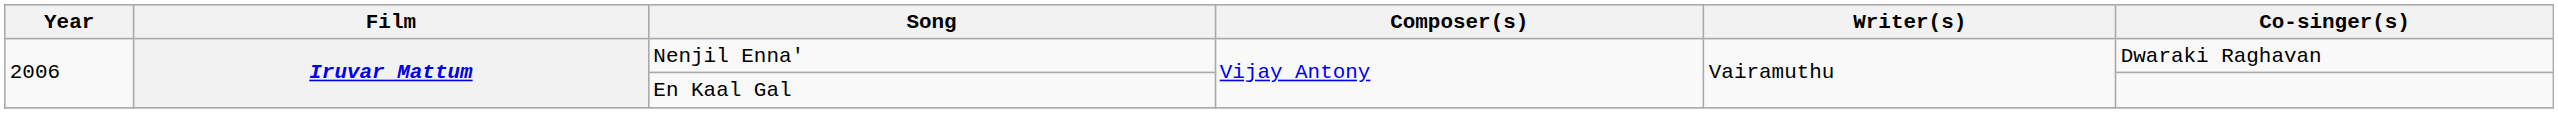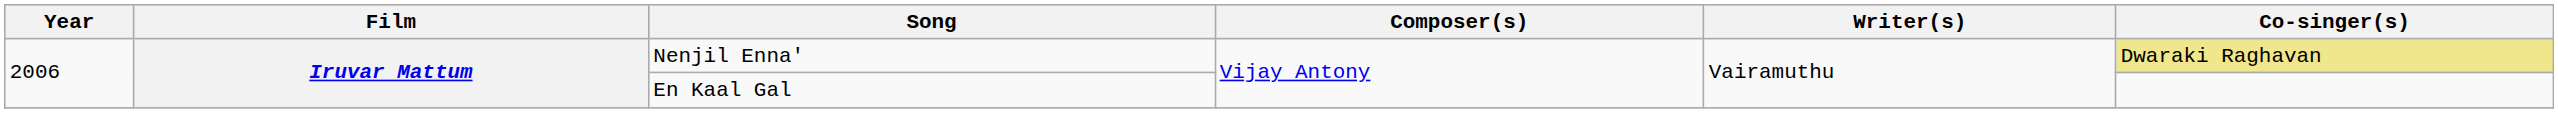 <table class="wikitable plainrowheaders" width="100%" textcolor:#000;">
 <tr>
 <th scope="col" width=5%><strong>Year</strong></th>
 <th scope="col" width=20%><strong>Film</strong></th>
 <th scope="col" width=22%><strong>Song</strong></th>
 <th scope="col" width=19%><strong>Composer(s)</strong></th>
 <th scope="col" width=16%><strong>Writer(s)</strong></th>
 <th scope="col" width=17%><strong>Co-singer(s)</strong></th>
 </tr>
 <tr>
 <td rowspan=2>2006</td>
 <th scope="row" rowspan=2><em><a href='#'>Iruvar Mattum</a></em></th>
 <td>Nenjil Enna'</td>
 <td rowspan=2><a href='#'>Vijay Antony</a></td>
 <td rowspan=2>Vairamuthu</td>
-<td>Dwaraki Raghavan</td>
+<td style="background: khaki;">Dwaraki Raghavan</td>
 </tr>
 <tr>
 <td>En Kaal Gal</td>
 <td></td>
 </tr>
 </table>
